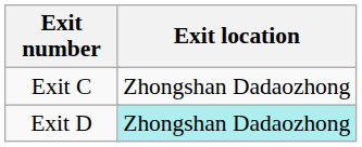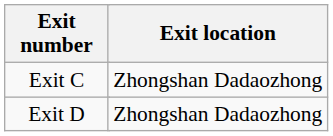 <table class="wikitable">
 <tr>
 <th style="width:70px" colspan="2">Exit number</th>
 <th>Exit location</th>
 </tr>
 <tr>
 <td align="center" colspan="2">Exit C</td>
 <td>Zhongshan Dadaozhong</td>
 </tr>
 <tr>
 <td align="center" colspan="2">Exit D</td>
-<td style="background: paleturquoise;">Zhongshan Dadaozhong</td>
+<td>Zhongshan Dadaozhong</td>
 </tr>
 </table>
